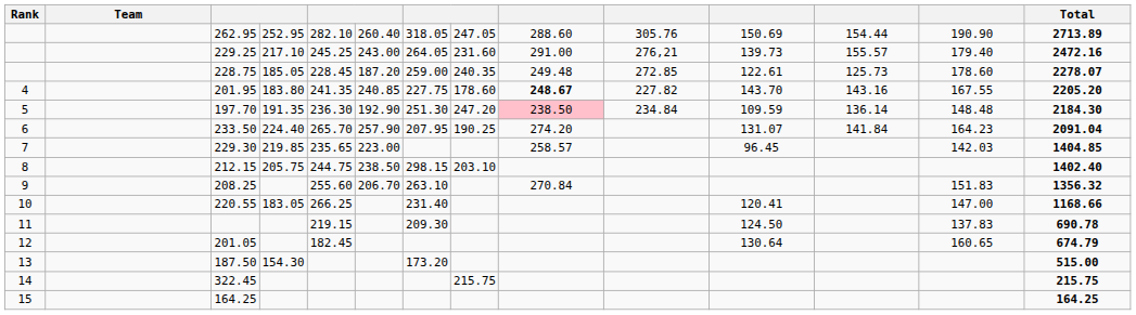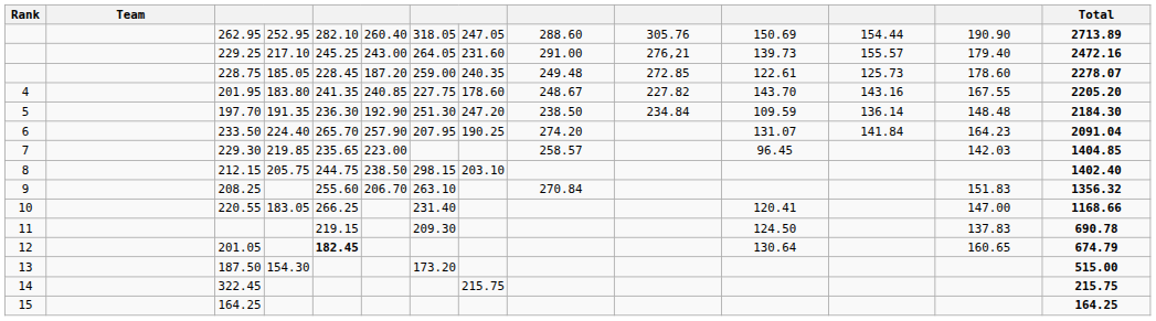 <table class="wikitable" style="text-align:center">
 <tr>
 <th width="40">Rank</th>
 <th width="200">Team</th>
 <th colspan="2" width="120"></th>
 <th colspan="2" width="120"></th>
 <th colspan="2" width="120"></th>
 <th width="120"></th>
 <th width="120"></th>
 <th width="120"></th>
 <th width="120"></th>
 <th width="120"></th>
 <th width="120">Total</th>
 </tr>
 <tr>
 <td></td>
 <td align="left"></td>
 <td>262.95</td>
 <td>252.95</td>
 <td>282.10</td>
 <td>260.40</td>
 <td>318.05</td>
 <td>247.05</td>
 <td>288.60</td>
 <td>305.76</td>
 <td>150.69</td>
 <td>154.44</td>
 <td>190.90</td>
 <td><strong>2713.89</strong></td>
 </tr>
 <tr>
 <td></td>
 <td align="left"></td>
 <td>229.25</td>
 <td>217.10</td>
 <td>245.25</td>
 <td>243.00</td>
 <td>264.05</td>
 <td>231.60</td>
 <td>291.00</td>
 <td>276,21</td>
 <td>139.73</td>
 <td>155.57</td>
 <td>179.40</td>
 <td><strong>2472.16</strong></td>
 </tr>
 <tr>
 <td></td>
 <td align="left"></td>
 <td>228.75</td>
 <td>185.05</td>
 <td>228.45</td>
 <td>187.20</td>
 <td>259.00</td>
 <td>240.35</td>
 <td>249.48</td>
 <td>272.85</td>
 <td>122.61</td>
 <td>125.73</td>
 <td>178.60</td>
 <td><strong>2278.07</strong></td>
 </tr>
 <tr>
 <td>4</td>
 <td align="left"></td>
 <td>201.95</td>
 <td>183.80</td>
 <td>241.35</td>
 <td>240.85</td>
 <td>227.75</td>
 <td>178.60</td>
-<td><strong>248.67</strong></td>
+<td>248.67</td>
 <td>227.82</td>
 <td>143.70</td>
 <td>143.16</td>
 <td>167.55</td>
 <td><strong>2205.20</strong></td>
 </tr>
 <tr>
 <td>5</td>
 <td align="left"></td>
 <td>197.70</td>
 <td>191.35</td>
 <td>236.30</td>
 <td>192.90</td>
 <td>251.30</td>
 <td>247.20</td>
-<td style="background: pink;">238.50</td>
+<td>238.50</td>
 <td>234.84</td>
 <td>109.59</td>
 <td>136.14</td>
 <td>148.48</td>
 <td><strong>2184.30</strong></td>
 </tr>
 <tr>
 <td>6</td>
 <td align="left"></td>
 <td>233.50</td>
 <td>224.40</td>
 <td>265.70</td>
 <td>257.90</td>
 <td>207.95</td>
 <td>190.25</td>
 <td>274.20</td>
 <td></td>
 <td>131.07</td>
 <td>141.84</td>
 <td>164.23</td>
 <td><strong>2091.04</strong></td>
 </tr>
 <tr>
 <td>7</td>
 <td align="left"></td>
 <td>229.30</td>
 <td>219.85</td>
 <td>235.65</td>
 <td>223.00</td>
 <td></td>
 <td></td>
 <td>258.57</td>
 <td></td>
 <td>96.45</td>
 <td></td>
 <td>142.03</td>
 <td><strong>1404.85</strong></td>
 </tr>
 <tr>
 <td>8</td>
 <td align="left"></td>
 <td>212.15</td>
 <td>205.75</td>
 <td>244.75</td>
 <td>238.50</td>
 <td>298.15</td>
 <td>203.10</td>
 <td></td>
 <td></td>
 <td></td>
 <td></td>
 <td></td>
 <td><strong>1402.40</strong></td>
 </tr>
 <tr>
 <td>9</td>
 <td align="left"></td>
 <td>208.25</td>
 <td></td>
 <td>255.60</td>
 <td>206.70</td>
 <td>263.10</td>
 <td></td>
 <td>270.84</td>
 <td></td>
 <td></td>
 <td></td>
 <td>151.83</td>
 <td><strong>1356.32</strong></td>
 </tr>
 <tr>
 <td>10</td>
 <td align="left"></td>
 <td>220.55</td>
 <td>183.05</td>
 <td>266.25</td>
 <td></td>
 <td>231.40</td>
 <td></td>
 <td></td>
 <td></td>
 <td>120.41</td>
 <td></td>
 <td>147.00</td>
 <td><strong>1168.66</strong></td>
 </tr>
 <tr>
 <td>11</td>
 <td align="left"></td>
 <td></td>
 <td></td>
 <td>219.15</td>
 <td></td>
 <td>209.30</td>
 <td></td>
 <td></td>
 <td></td>
 <td>124.50</td>
 <td></td>
 <td>137.83</td>
 <td><strong>690.78</strong></td>
 </tr>
 <tr>
 <td>12</td>
 <td align="left"></td>
 <td>201.05</td>
 <td></td>
-<td>182.45</td>
+<td><strong>182.45</strong></td>
 <td></td>
 <td></td>
 <td></td>
 <td></td>
 <td></td>
 <td>130.64</td>
 <td></td>
 <td>160.65</td>
 <td><strong>674.79</strong></td>
 </tr>
 <tr>
 <td>13</td>
 <td align="left"></td>
 <td>187.50</td>
 <td>154.30</td>
 <td></td>
 <td></td>
 <td>173.20</td>
 <td></td>
 <td></td>
 <td></td>
 <td></td>
 <td></td>
 <td></td>
 <td><strong>515.00</strong></td>
 </tr>
 <tr>
 <td>14</td>
 <td align="left"></td>
 <td>322.45</td>
 <td></td>
 <td></td>
 <td></td>
 <td></td>
 <td>215.75</td>
 <td></td>
 <td></td>
 <td></td>
 <td></td>
 <td></td>
 <td><strong>215.75</strong></td>
 </tr>
 <tr>
 <td>15</td>
 <td align="left"></td>
 <td>164.25</td>
 <td></td>
 <td></td>
 <td></td>
 <td></td>
 <td></td>
 <td></td>
 <td></td>
 <td></td>
 <td></td>
 <td></td>
 <td><strong>164.25</strong></td>
 </tr>
 </table>
